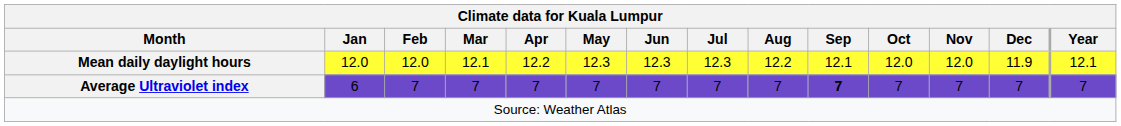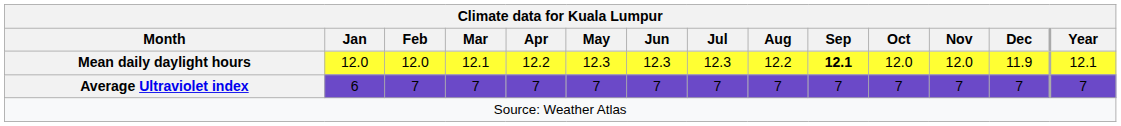 <table style="width:100%;text-align:center;line-height:1.2em;margin-left:auto;margin-right:auto" class="wikitable mw-collapsible">
 <tr>
 <th Colspan=14>Climate data for Kuala Lumpur</th>
 </tr>
 <tr>
 <th>Month</th>
 <th>Jan</th>
 <th>Feb</th>
 <th>Mar</th>
 <th>Apr</th>
 <th>May</th>
 <th>Jun</th>
 <th>Jul</th>
 <th>Aug</th>
 <th>Sep</th>
 <th>Oct</th>
 <th>Nov</th>
 <th>Dec</th>
 <th style="border-left-width:medium">Year</th>
 </tr>
 <tr>
 <th>Mean daily daylight hours</th>
 <td style="background:#FFFF33;color:#000000;">12.0</td>
 <td style="background:#FFFF33;color:#000000;">12.0</td>
 <td style="background:#FFFF33;color:#000000;">12.1</td>
 <td style="background:#FFFF33;color:#000000;">12.2</td>
 <td style="background:#FFFF33;color:#000000;">12.3</td>
 <td style="background:#FFFF33;color:#000000;">12.3</td>
 <td style="background:#FFFF33;color:#000000;">12.3</td>
 <td style="background:#FFFF33;color:#000000;">12.2</td>
-<td style="background:#FFFF33;color:#000000;">12.1</td>
+<td style="background:#FFFF33;color:#000000;"><strong>12.1</strong></td>
 <td style="background:#FFFF33;color:#000000;">12.0</td>
 <td style="background:#FFFF33;color:#000000;">12.0</td>
 <td style="background:#FFFF33;color:#000000;">11.9</td>
 <td style="background:#FFFF33;color:#000000;border-left-width:medium">12.1</td>
 </tr>
 <tr>
 <th>Average <a href='#'>Ultraviolet index</a></th>
 <td style="background:#6b49c8;color:#000000;">6</td>
 <td style="background:#6b49c8;color:#000000;">7</td>
 <td style="background:#6b49c8;color:#000000;">7</td>
 <td style="background:#6b49c8;color:#000000;">7</td>
 <td style="background:#6b49c8;color:#000000;">7</td>
 <td style="background:#6b49c8;color:#000000;">7</td>
 <td style="background:#6b49c8;color:#000000;">7</td>
 <td style="background:#6b49c8;color:#000000;">7</td>
-<td style="background:#6b49c8;color:#000000;"><strong>7</strong></td>
+<td style="background:#6b49c8;color:#000000;">7</td>
 <td style="background:#6b49c8;color:#000000;">7</td>
 <td style="background:#6b49c8;color:#000000;">7</td>
 <td style="background:#6b49c8;color:#000000;">7</td>
 <td style="background:#6b49c8;color:#000000;border-left-width:medium">7</td>
 </tr>
 <tr>
 <th Colspan=14 style="background:#f8f9fa;font-weight:normal;font-size:95%;">Source: Weather Atlas</th>
 </tr>
 </table>
